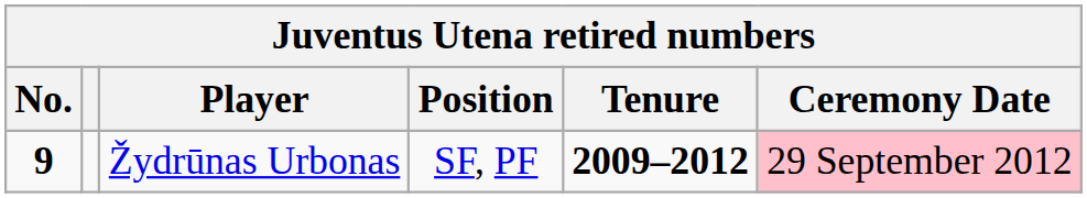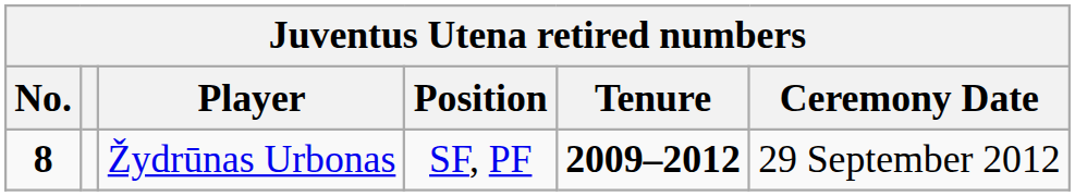 <table class="wikitable" style="text-align:center">
 <tr>
 <th colspan="6">Juventus Utena retired numbers</th>
 </tr>
 <tr>
 <th>No.</th>
 <th></th>
 <th>Player</th>
 <th>Position</th>
 <th>Tenure</th>
 <th>Ceremony Date</th>
 </tr>
 <tr>
-<td><strong>9</strong></td>
+<td><strong>8</strong></td>
 <td></td>
 <td><a href='#'>Žydrūnas Urbonas</a></td>
 <td><a href='#'>SF</a>, <a href='#'>PF</a></td>
 <td><strong>2009–2012</strong></td>
-<td style="background: pink;">29 September 2012</td>
+<td>29 September 2012</td>
 </tr>
 </table>
